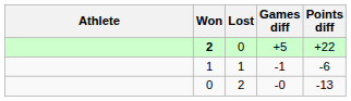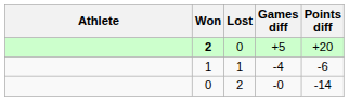 <table class="wikitable">
 <tr>
 <th style="width:15em">Athlete</th>
 <th>Won</th>
 <th>Lost</th>
 <th>Games<br>diff</th>
 <th>Points<br>diff</th>
 </tr>
 <tr bgcolor="#ccffcc">
 <td></td>
 <td align="center"><strong>2</strong></td>
 <td align="center">0</td>
 <td align="center">+5</td>
-<td align="center">+22</td>
+<td align="center">+20</td>
 </tr>
 <tr>
 <td></td>
 <td align="center">1</td>
 <td align="center">1</td>
-<td align="center">-1</td>
+<td align="center">-4</td>
 <td align="center">-6</td>
 </tr>
 <tr>
 <td></td>
 <td align="center">0</td>
 <td align="center">2</td>
 <td align="center">-0</td>
-<td align="center">-13</td>
+<td align="center">-14</td>
 </tr>
 </table>
